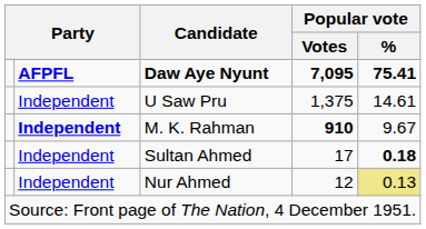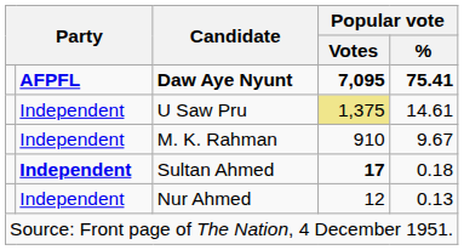 <table class="wikitable" style="font-size: 95%">
 <tr>
 <th rowspan="2" colspan="2">Party</th>
 <th rowspan="2">Candidate</th>
 <th colspan="2">Popular vote</th>
 </tr>
 <tr>
 <th>Votes</th>
 <th>%</th>
 </tr>
 <tr>
 <td style="color:inherit; background-color:"></td>
 <td style="text-align:left"><strong><a href='#'>AFPFL</a></strong></td>
 <td style="text-align:left"><strong>Daw Aye Nyunt</strong></td>
 <td style="text-align:right"><strong>7,095</strong></td>
 <td style="text-align:right"><strong>75.41</strong></td>
 </tr>
 <tr>
 <td style="color:inherit;background-color:"></td>
 <td style="text-align:left"><a href='#'>Independent</a></td>
 <td style="text-align:left">U Saw Pru</td>
-<td style="text-align:right">1,375</td>
+<td style="background: khaki; text-align:right">1,375</td>
 <td style="text-align:right">14.61</td>
 </tr>
 <tr>
 <td style="color:inherit;background-color:"></td>
-<td style="text-align:left"><strong><a href='#'>Independent</a></strong></td>
+<td style="text-align:left"><a href='#'>Independent</a></td>
 <td style="text-align:left">M. K. Rahman</td>
-<td style="text-align:right"><strong>910</strong></td>
+<td style="text-align:right">910</td>
 <td style="text-align:right">9.67</td>
 </tr>
 <tr>
 <td style="color:inherit;background-color:"></td>
-<td style="text-align:left"><a href='#'>Independent</a></td>
+<td style="text-align:left"><strong><a href='#'>Independent</a></strong></td>
 <td style="text-align:left">Sultan Ahmed</td>
-<td style="text-align:right">17</td>
-<td style="text-align:right"><strong>0.18</strong></td>
+<td style="text-align:right"><strong>17</strong></td>
+<td style="text-align:right">0.18</td>
 </tr>
 <tr>
 <td style="color:inherit;background-color:"></td>
 <td style="text-align:left"><a href='#'>Independent</a></td>
 <td style="text-align:left">Nur Ahmed</td>
 <td style="text-align:right">12</td>
-<td style="background: khaki; text-align:right">0.13</td>
+<td style="text-align:right">0.13</td>
 </tr>
 <tr>
 <td colspan="5" style="text-align:left">Source: Front page of <em>The Nation</em>, 4 December 1951.</td>
 </tr>
 </table>
